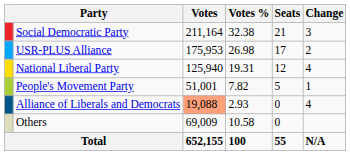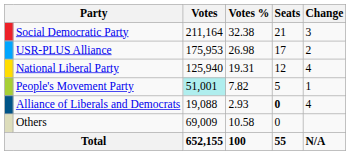 <table class="wikitable">
 <tr>
 <th colspan="2">Party</th>
 <th>Votes</th>
 <th>Votes %</th>
 <th>Seats</th>
 <th>Change</th>
 </tr>
 <tr>
 <td style="background:#ed2128;" width="5"></td>
 <td><a href='#'>Social Democratic Party</a></td>
 <td>211,164</td>
 <td>32.38</td>
 <td>21</td>
 <td>3</td>
 </tr>
 <tr>
 <td style="background:#00a6ff;" width="5"></td>
 <td><a href='#'>USR-PLUS Alliance</a></td>
 <td>175,953</td>
 <td>26.98</td>
 <td>17</td>
 <td>2</td>
 </tr>
 <tr>
 <td style="background:#ffdd00;" width="5"></td>
 <td><a href='#'>National Liberal Party</a></td>
 <td>125,940</td>
 <td>19.31</td>
 <td>12</td>
 <td>4</td>
 </tr>
 <tr>
 <td style="background:#a7cf35;" width="5"></td>
 <td><a href='#'>People's Movement Party</a></td>
-<td>51,001</td>
+<td style="background: paleturquoise;">51,001</td>
 <td>7.82</td>
 <td>5</td>
 <td>1</td>
 </tr>
 <tr>
 <td style="background:#005487;" width="5"></td>
 <td><a href='#'>Alliance of Liberals and Democrats</a></td>
-<td style="background: lightsalmon;">19,088</td>
+<td>19,088</td>
 <td>2.93</td>
-<td>0</td>
+<td><strong>0</strong></td>
 <td>4</td>
 </tr>
 <tr>
 <td style="background:#ddddbb;" width="5"></td>
 <td>Others</td>
 <td>69,009</td>
 <td>10.58</td>
 <td>0</td>
 <td></td>
 </tr>
 <tr>
 <th colspan="2">Total</th>
 <td><strong>652,155</strong></td>
 <td><strong>100</strong></td>
 <td><strong>55</strong></td>
 <td><strong>N/A</strong></td>
 </tr>
 </table>
